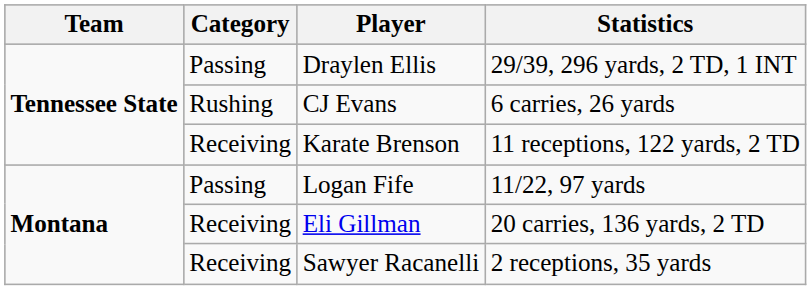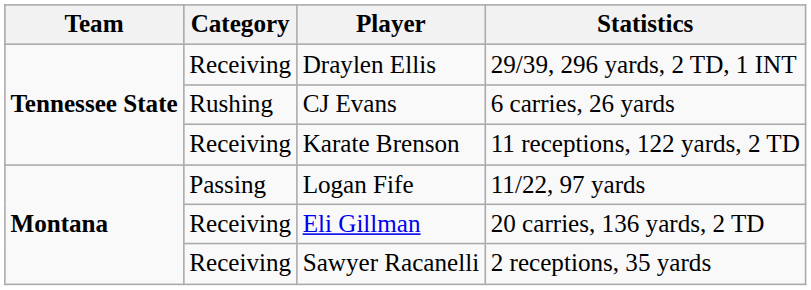 <table class="wikitable" style="float: right;">
 <tr>
 <th>Team</th>
 <th>Category</th>
 <th>Player</th>
 <th>Statistics</th>
 </tr>
 <tr>
 <td rowspan=3><strong>Tennessee State</strong></td>
-<td>Passing</td>
+<td>Receiving</td>
 <td>Draylen Ellis</td>
 <td>29/39, 296 yards, 2 TD, 1 INT</td>
 </tr>
 <tr>
 <td>Rushing</td>
 <td>CJ Evans</td>
 <td>6 carries, 26 yards</td>
 </tr>
 <tr>
 <td>Receiving</td>
 <td>Karate Brenson</td>
 <td>11 receptions, 122 yards, 2 TD</td>
 </tr>
 <tr>
 <td rowspan=3><strong>Montana</strong></td>
 <td>Passing</td>
 <td>Logan Fife</td>
 <td>11/22, 97 yards</td>
 </tr>
 <tr>
 <td>Receiving</td>
 <td><a href='#'>Eli Gillman</a></td>
 <td>20 carries, 136 yards, 2 TD</td>
 </tr>
 <tr>
 <td>Receiving</td>
 <td>Sawyer Racanelli</td>
 <td>2 receptions, 35 yards</td>
 </tr>
 </table>
